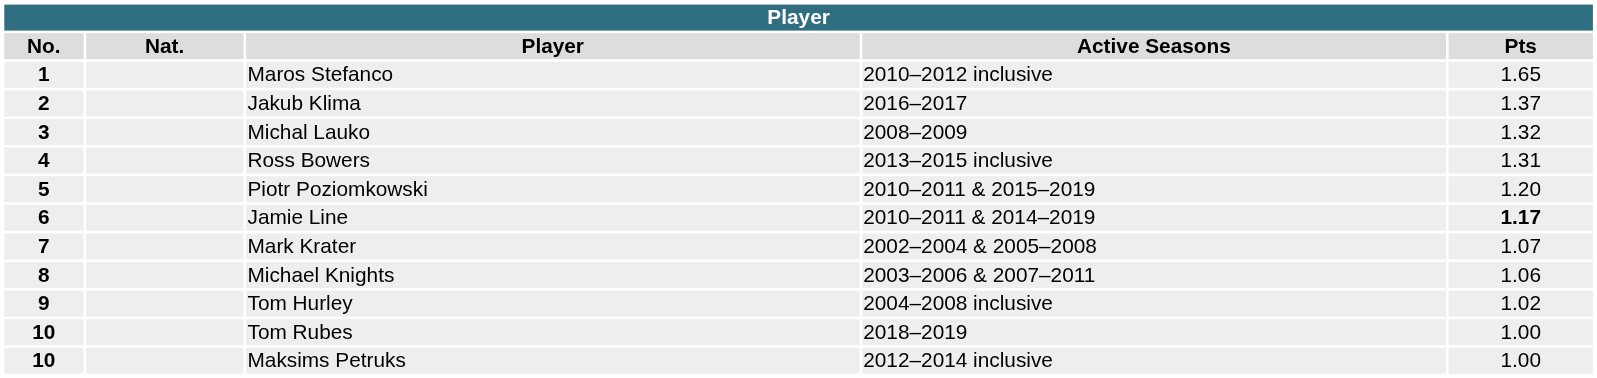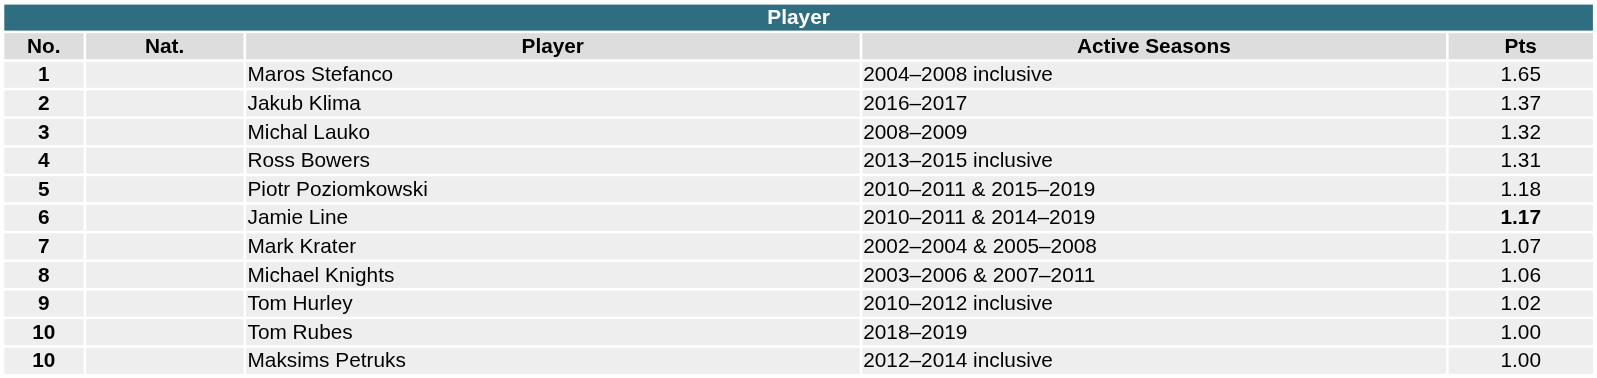 <table class="toccolours"  style="width:97%; clear:both; margin:1.5em auto; text-align:center;">
 <tr>
 <th colspan="11" style="background:#2f6d81; color:white;”">Player</th>
 </tr>
 <tr style="background:#ddd;">
 <th width=5%>No.</th>
 <th width=10%>Nat.</th>
 <th !width=30%>Player</th>
 <th width=37%>Active Seasons</th>
 <th widith=18%>Pts</th>
 </tr>
 <tr style="background:#eee;">
 <td><strong>1</strong></td>
 <td></td>
 <td align="left">Maros Stefanco</td>
-<td align=left>2010–2012 inclusive</td>
+<td align=left>2004–2008 inclusive</td>
 <td>1.65</td>
 </tr>
 <tr style="background:#eee;">
 <td><strong>2</strong></td>
 <td></td>
 <td align="left">Jakub Klima</td>
 <td align=left>2016–2017</td>
 <td>1.37</td>
 </tr>
 <tr style="background:#eee;">
 <td><strong>3</strong></td>
 <td></td>
 <td align=left>Michal Lauko</td>
 <td align=left>2008–2009</td>
 <td>1.32</td>
 </tr>
 <tr style="background:#eee;">
 <td><strong>4</strong></td>
 <td></td>
 <td align=left>Ross Bowers</td>
 <td align=left>2013–2015 inclusive</td>
 <td>1.31</td>
 </tr>
 <tr style="background:#eee;">
 <td><strong>5</strong></td>
 <td></td>
 <td align=left>Piotr Poziomkowski</td>
 <td align=left>2010–2011 & 2015–2019</td>
-<td>1.20</td>
+<td>1.18</td>
 </tr>
 <tr style="background:#eee;">
 <td><strong>6</strong></td>
 <td></td>
 <td align=left>Jamie Line</td>
 <td align=left>2010–2011 & 2014–2019</td>
 <td><strong>1.17</strong></td>
 </tr>
 <tr style="background:#eee;">
 <td><strong>7</strong></td>
 <td></td>
 <td align=left>Mark Krater</td>
 <td align=left>2002–2004 & 2005–2008</td>
 <td>1.07</td>
 </tr>
 <tr style="background:#eee;">
 <td><strong>8</strong></td>
 <td></td>
 <td align=left>Michael Knights</td>
 <td align=left>2003–2006 & 2007–2011</td>
 <td>1.06</td>
 </tr>
 <tr style="background:#eee;">
 <td><strong>9</strong></td>
 <td></td>
 <td align=left>Tom Hurley</td>
-<td align=left>2004–2008 inclusive</td>
+<td align=left>2010–2012 inclusive</td>
 <td>1.02</td>
 </tr>
 <tr style="background:#eee;">
 <td><strong>10</strong></td>
 <td></td>
 <td align=left>Tom Rubes</td>
 <td align=left>2018–2019</td>
 <td>1.00</td>
 </tr>
 <tr style="background:#eee;">
 <td><strong>10</strong></td>
 <td></td>
 <td align=left>Maksims Petruks</td>
 <td align=left>2012–2014 inclusive</td>
 <td>1.00</td>
 </tr>
 </table>
